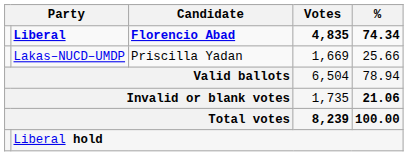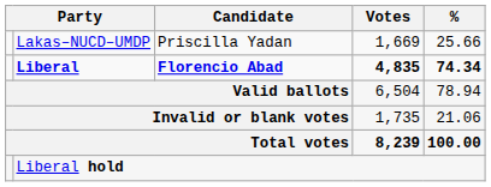 <table class="wikitable" style="font-size:90%; text-align:right;">
 <tr>
 <th colspan="2" style="width:75px;">Party</th>
 <th style="width:150px;">Candidate</th>
 <th style="width:50px;">Votes</th>
 <th style="width:10px;">%</th>
 </tr>
 <tr>
 <td style="background:"></td>
+<td style="text-align:left;"><a href='#'>Lakas–NUCD–UMDP</a></td>
+<td style="text-align:left;">Priscilla Yadan</td>
+<td>1,669</td>
+<td>25.66</td>
+</tr>
+<tr>
+<td style="background:"></td>
 <td style="text-align:left;"><strong><a href='#'>Liberal</a></strong></td>
 <td style="text-align:left;"><strong><a href='#'>Florencio Abad</a></strong></td>
 <td><strong>4,835</strong></td>
 <td><strong>74.34</strong></td>
-</tr>
-<tr>
-<td style="background:"></td>
-<td style="text-align:left;"><a href='#'>Lakas–NUCD–UMDP</a></td>
-<td style="text-align:left;">Priscilla Yadan</td>
-<td>1,669</td>
-<td>25.66</td>
 </tr>
 <tr style="background-color:#F6F6F6">
 <th colspan="3" style="text-align:right;">Valid ballots</th>
 <td>6,504</td>
 <td>78.94</td>
 </tr>
 <tr style="background-color:#F6F6F6">
 <th colspan="3" style="text-align:right;">Invalid or blank votes</th>
 <td>1,735</td>
-<td><strong>21.06</strong></td>
+<td>21.06</td>
 </tr>
 <tr style="background-color:#F6F6F6">
 <th colspan="3" style="text-align:right;">Total votes</th>
 <td><strong>8,239</strong></td>
 <td><strong>100.00</strong></td>
 </tr>
 <tr style="background-color:#F6F6F6">
 <td style="background:"></td>
 <td colspan="4" style="text-align:left;"><a href='#'>Liberal</a> <strong>hold</strong></td>
 </tr>
 </table>
